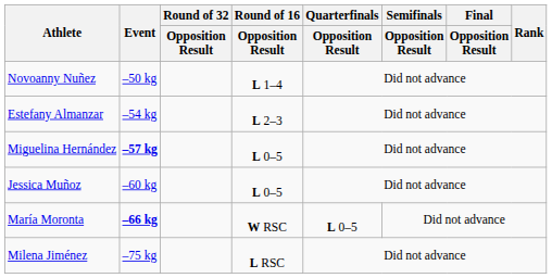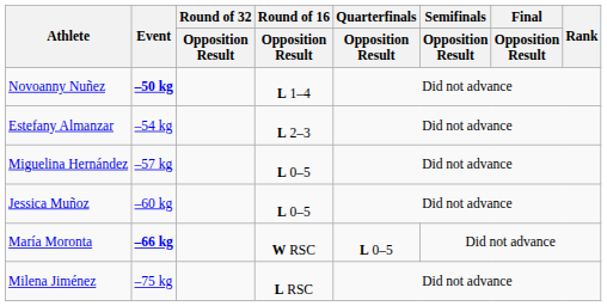 <table class=wikitable style=font-size:90%;text-align:center>
 <tr>
 <th rowspan=2>Athlete</th>
 <th rowspan=2>Event</th>
 <th>Round of 32</th>
 <th>Round of 16</th>
 <th>Quarterfinals</th>
 <th>Semifinals</th>
 <th>Final</th>
 <th rowspan="2">Rank</th>
 </tr>
 <tr>
 <th>Opposition<br>Result</th>
 <th>Opposition<br>Result</th>
 <th>Opposition<br>Result</th>
 <th>Opposition<br>Result</th>
 <th>Opposition<br>Result</th>
 </tr>
 <tr align=center>
 <td align=left><a href='#'>Novoanny Nuñez</a></td>
-<td align=left><a href='#'>–50 kg</a></td>
+<td align=left><strong><a href='#'>–50 kg</a></strong></td>
 <td></td>
 <td><br><strong>L</strong> 1–4</td>
 <td colspan=4>Did not advance</td>
 </tr>
 <tr>
 <td align=left><a href='#'>Estefany Almanzar</a></td>
 <td align=left><a href='#'>–54 kg</a></td>
 <td></td>
 <td><br><strong>L</strong> 2–3</td>
 <td colspan=4>Did not advance</td>
 </tr>
 <tr>
 <td align=left><a href='#'>Miguelina Hernández</a></td>
-<td align=left><strong><a href='#'>–57 kg</a></strong></td>
+<td align=left><a href='#'>–57 kg</a></td>
 <td></td>
 <td><br><strong>L</strong> 0–5</td>
 <td colspan=4>Did not advance</td>
 </tr>
 <tr>
 <td align=left><a href='#'>Jessica Muñoz</a></td>
 <td align=left><a href='#'>–60 kg</a></td>
 <td></td>
 <td><br><strong>L</strong> 0–5</td>
 <td colspan=4>Did not advance</td>
 </tr>
 <tr>
 <td align=left><a href='#'>María Moronta</a></td>
 <td align=left><strong><a href='#'>–66 kg</a></strong></td>
 <td></td>
 <td><br><strong>W</strong> RSC</td>
 <td><br><strong>L</strong> 0–5</td>
 <td colspan=3>Did not advance</td>
 </tr>
 <tr>
 <td align=left><a href='#'>Milena Jiménez</a></td>
 <td align=left><a href='#'>–75 kg</a></td>
 <td></td>
 <td><br><strong>L</strong> RSC</td>
 <td colspan=4>Did not advance</td>
 </tr>
 </table>
